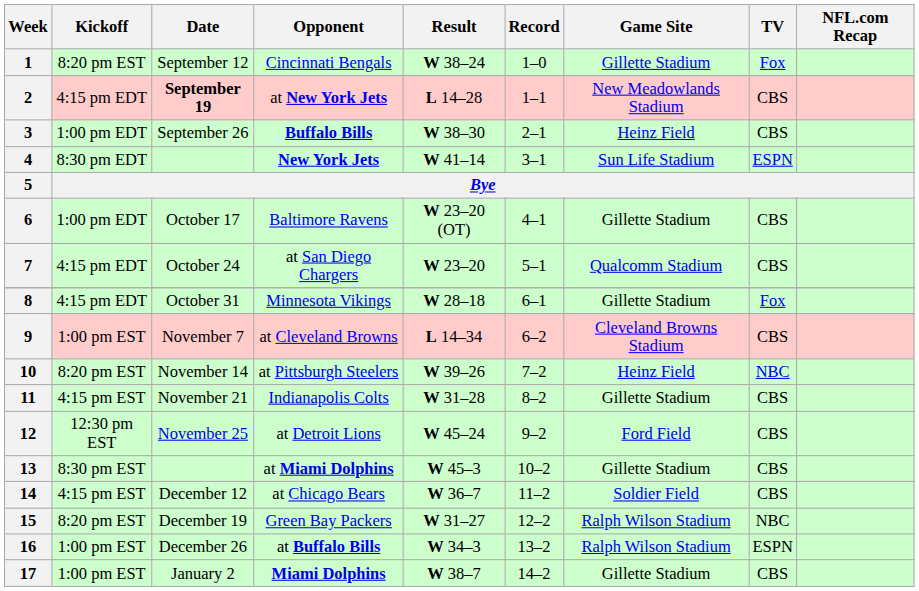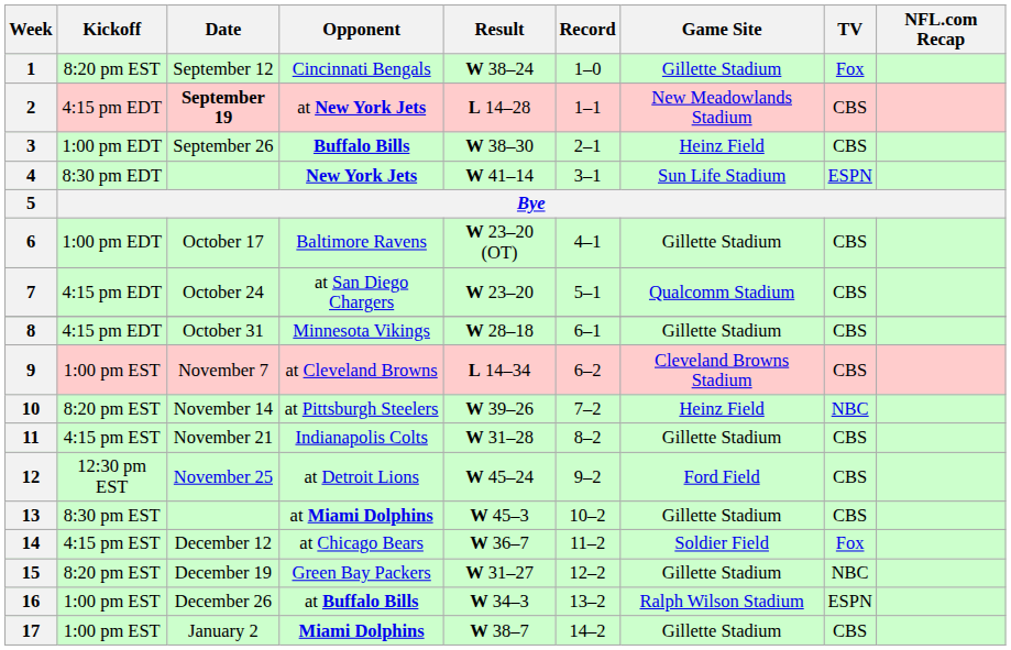 <table class="wikitable" style="text-align: center; margin-left: auto; margin-right: auto;">
 <tr>
 <th>Week</th>
 <th>Kickoff</th>
 <th>Date</th>
 <th>Opponent</th>
 <th>Result</th>
 <th>Record</th>
 <th>Game Site</th>
 <th>TV</th>
 <th>NFL.com Recap</th>
 </tr>
 <tr style="background: #cfc">
 <th>1</th>
 <td>8:20 pm EST</td>
 <td>September 12</td>
 <td><a href='#'>Cincinnati Bengals</a></td>
 <td><strong>W</strong> 38–24</td>
 <td align="center">1–0</td>
 <td><a href='#'>Gillette Stadium</a></td>
 <td><a href='#'>Fox</a></td>
 <td></td>
 </tr>
 <tr style="background: #fcc">
 <th>2</th>
 <td>4:15 pm EDT</td>
 <td><strong>September 19</strong></td>
 <td>at <strong><a href='#'>New York Jets</a></strong></td>
 <td><strong>L</strong> 14–28</td>
 <td align="center">1–1</td>
 <td><a href='#'>New Meadowlands Stadium</a></td>
 <td>CBS</td>
 <td></td>
 </tr>
 <tr style="background: #cfc">
 <th>3</th>
 <td>1:00 pm EDT</td>
 <td>September 26</td>
 <td><strong><a href='#'>Buffalo Bills</a></strong></td>
 <td><strong>W</strong> 38–30</td>
 <td align="center">2–1</td>
 <td><a href='#'>Heinz Field</a></td>
 <td>CBS</td>
 <td></td>
 </tr>
 <tr style="background: #cfc">
 <th>4</th>
 <td>8:30 pm EDT</td>
 <td></td>
 <td><strong><a href='#'>New York Jets</a></strong></td>
 <td><strong>W</strong> 41–14</td>
 <td align="center">3–1</td>
 <td><a href='#'>Sun Life Stadium</a></td>
 <td><a href='#'>ESPN</a></td>
 <td></td>
 </tr>
 <tr align="center">
 <th>5</th>
 <th colspan="8" align="center"><em><a href='#'>Bye</a></em></th>
 </tr>
 <tr style="background: #cfc">
 <th>6</th>
 <td>1:00 pm EDT</td>
 <td>October 17</td>
 <td><a href='#'>Baltimore Ravens</a></td>
 <td><strong>W</strong> 23–20 (OT)</td>
 <td align="center">4–1</td>
 <td>Gillette Stadium</td>
 <td>CBS</td>
 <td></td>
 </tr>
 <tr style="background: #cfc">
 <th>7</th>
 <td>4:15 pm EDT</td>
 <td>October 24</td>
 <td>at <a href='#'>San Diego Chargers</a></td>
 <td><strong>W</strong> 23–20</td>
 <td align="center">5–1</td>
 <td><a href='#'>Qualcomm Stadium</a></td>
 <td>CBS</td>
 <td></td>
 </tr>
 <tr align="center">
 </tr>
 <tr style="background: #cfc">
 <th>8</th>
 <td>4:15 pm EDT</td>
 <td>October 31</td>
 <td><a href='#'>Minnesota Vikings</a></td>
 <td><strong>W</strong> 28–18</td>
 <td align="center">6–1</td>
 <td>Gillette Stadium</td>
-<td><a href='#'>Fox</a></td>
+<td>CBS</td>
 <td></td>
 </tr>
 <tr style="background: #fcc">
 <th>9</th>
 <td>1:00 pm EST</td>
 <td>November 7</td>
 <td>at <a href='#'>Cleveland Browns</a></td>
 <td><strong>L</strong> 14–34</td>
 <td align="center">6–2</td>
 <td><a href='#'>Cleveland Browns Stadium</a></td>
 <td>CBS</td>
 <td></td>
 </tr>
 <tr style="background: #cfc">
 <th>10</th>
 <td>8:20 pm EST</td>
 <td>November 14</td>
 <td>at <a href='#'>Pittsburgh Steelers</a></td>
 <td><strong>W</strong> 39–26</td>
 <td align="center">7–2</td>
 <td><a href='#'>Heinz Field</a></td>
 <td><a href='#'>NBC</a></td>
 <td></td>
 </tr>
 <tr style="background: #cfc">
 <th>11</th>
 <td>4:15 pm EST</td>
 <td>November 21</td>
 <td><a href='#'>Indianapolis Colts</a></td>
 <td><strong>W</strong> 31–28</td>
 <td align="center">8–2</td>
 <td>Gillette Stadium</td>
 <td>CBS</td>
 <td></td>
 </tr>
 <tr style="background: #cfc">
 <th>12</th>
 <td>12:30 pm EST</td>
 <td><a href='#'>November 25</a></td>
 <td>at <a href='#'>Detroit Lions</a></td>
 <td><strong>W</strong> 45–24</td>
 <td align="center">9–2</td>
 <td><a href='#'>Ford Field</a></td>
 <td>CBS</td>
 <td></td>
 </tr>
 <tr style="background: #cfc">
 <th>13</th>
 <td>8:30 pm EST</td>
 <td></td>
 <td>at <strong><a href='#'>Miami Dolphins</a></strong></td>
 <td><strong>W</strong> 45–3</td>
 <td align="center">10–2</td>
 <td>Gillette Stadium</td>
 <td>CBS</td>
 <td></td>
 </tr>
 <tr style="background: #cfc">
 <th>14</th>
 <td>4:15 pm EST</td>
 <td>December 12</td>
 <td>at <a href='#'>Chicago Bears</a></td>
 <td><strong>W</strong> 36–7</td>
 <td align="center">11–2</td>
 <td><a href='#'>Soldier Field</a></td>
-<td>CBS</td>
+<td><a href='#'>Fox</a></td>
 <td></td>
 </tr>
 <tr style="background: #cfc">
 <th>15</th>
 <td>8:20 pm EST</td>
 <td>December 19</td>
 <td><a href='#'>Green Bay Packers</a></td>
 <td><strong>W</strong> 31–27</td>
 <td align="center">12–2</td>
-<td><a href='#'>Ralph Wilson Stadium</a></td>
+<td>Gillette Stadium</td>
 <td>NBC</td>
 <td></td>
 </tr>
 <tr style="background: #cfc">
 <th>16</th>
 <td>1:00 pm EST</td>
 <td>December 26</td>
 <td>at <strong><a href='#'>Buffalo Bills</a></strong></td>
 <td><strong>W</strong> 34–3</td>
 <td align="center">13–2</td>
 <td><a href='#'>Ralph Wilson Stadium</a></td>
 <td>ESPN</td>
 <td></td>
 </tr>
 <tr style="background: #cfc">
 <th>17</th>
 <td>1:00 pm EST</td>
 <td>January 2</td>
 <td><strong><a href='#'>Miami Dolphins</a></strong></td>
 <td><strong>W</strong> 38–7</td>
 <td align="center">14–2</td>
 <td>Gillette Stadium</td>
 <td>CBS</td>
 <td></td>
 </tr>
 </table>
